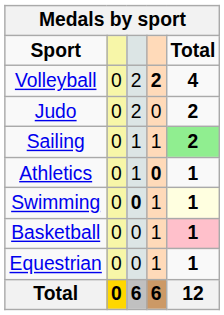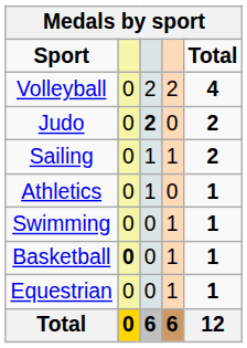 <table class="wikitable" style="font-size:85%; float:right">
 <tr style="background:#efefef;">
 <th colspan=5>Medals by sport</th>
 </tr>
 <tr align=center>
 <td><strong>Sport</strong></td>
 <td bgcolor=#f7f6a8></td>
 <td bgcolor=#dce5e5></td>
 <td bgcolor=#ffdab9></td>
 <td><strong>Total</strong></td>
 </tr>
 <tr align=center>
 <td><a href='#'>Volleyball</a></td>
 <td style="background:#F7F6A8;">0</td>
 <td style="background:#DCE5E5;">2</td>
-<td style="background:#FFDAB9;"><strong>2</strong></td>
+<td style="background:#FFDAB9;">2</td>
 <td><strong>4</strong></td>
 </tr>
 <tr align=center>
 <td><a href='#'>Judo</a></td>
 <td style="background:#F7F6A8;">0</td>
-<td style="background:#DCE5E5;">2</td>
+<td style="background:#DCE5E5;"><strong>2</strong></td>
 <td style="background:#FFDAB9;">0</td>
 <td><strong>2</strong></td>
 </tr>
 <tr align=center>
 <td><a href='#'>Sailing</a></td>
 <td style="background:#F7F6A8;">0</td>
 <td style="background:#DCE5E5;">1</td>
 <td style="background:#FFDAB9;">1</td>
-<td style="background: lightgreen;"><strong>2</strong></td>
+<td><strong>2</strong></td>
 </tr>
 <tr align=center>
 <td><a href='#'>Athletics</a></td>
 <td style="background:#F7F6A8;">0</td>
 <td style="background:#DCE5E5;">1</td>
-<td style="background:#FFDAB9;"><strong>0</strong></td>
+<td style="background:#FFDAB9;">0</td>
 <td><strong>1</strong></td>
 </tr>
 <tr align=center>
 <td><a href='#'>Swimming</a></td>
 <td style="background:#F7F6A8;">0</td>
-<td style="background:#DCE5E5;"><strong>0</strong></td>
+<td style="background:#DCE5E5;">0</td>
 <td style="background:#FFDAB9;">1</td>
-<td style="background: lightyellow;"><strong>1</strong></td>
+<td><strong>1</strong></td>
 </tr>
 <tr align=center>
 <td><a href='#'>Basketball</a></td>
-<td style="background:#F7F6A8;">0</td>
+<td style="background:#F7F6A8;"><strong>0</strong></td>
 <td style="background:#DCE5E5;">0</td>
 <td style="background:#FFDAB9;">1</td>
-<td style="background: pink;"><strong>1</strong></td>
+<td><strong>1</strong></td>
 </tr>
 <tr align=center>
 <td><a href='#'>Equestrian</a></td>
 <td style="background:#F7F6A8;">0</td>
 <td style="background:#DCE5E5;">0</td>
 <td style="background:#FFDAB9;">1</td>
 <td><strong>1</strong></td>
 </tr>
 <tr align=center>
 <th>Total</th>
 <th style="background:gold;">0</th>
 <th style="background:silver;">6</th>
 <th style="background:#c96;">6</th>
 <th>12</th>
 </tr>
 </table>
